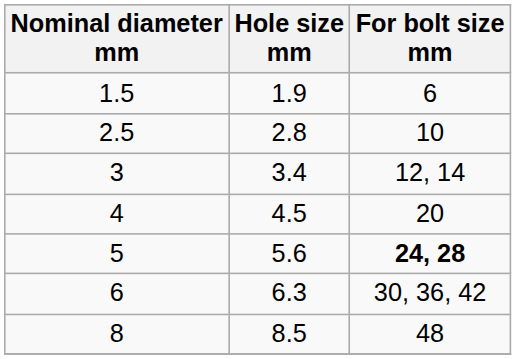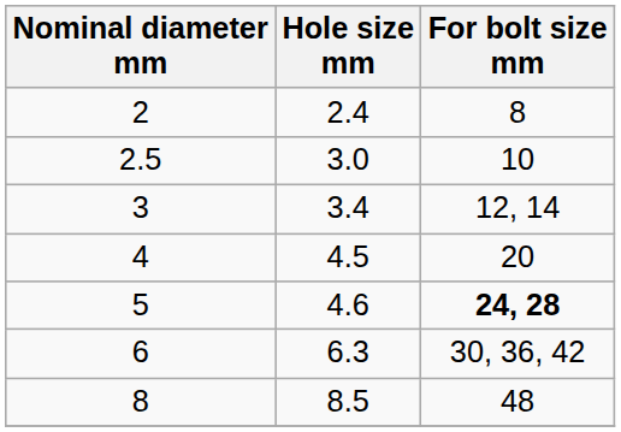 <table class="wikitable" style="text-align: center">
 <tr>
 <th>Nominal diameter<br> mm</th>
 <th>Hole size<br> mm</th>
 <th>For bolt size<br> mm</th>
 </tr>
 <tr>
-<td>1.5</td>
-<td>1.9</td>
-<td>6</td>
+<td>2</td>
+<td>2.4</td>
+<td>8</td>
 </tr>
 <tr>
 <td>2.5</td>
-<td>2.8</td>
+<td>3.0</td>
 <td>10</td>
 </tr>
 <tr>
 <td>3</td>
 <td>3.4</td>
 <td>12, 14</td>
 </tr>
 <tr>
 <td>4</td>
 <td>4.5</td>
 <td>20</td>
 </tr>
 <tr>
 <td>5</td>
-<td>5.6</td>
+<td>4.6</td>
 <td><strong>24, 28</strong></td>
 </tr>
 <tr>
 <td>6</td>
 <td>6.3</td>
 <td>30, 36, 42</td>
 </tr>
 <tr>
 <td>8</td>
 <td>8.5</td>
 <td>48</td>
 </tr>
 <tr>
 </tr>
 </table>
